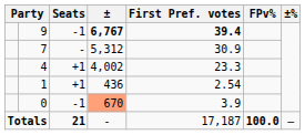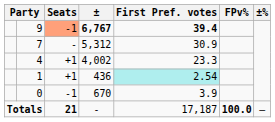 <table class=wikitable>
 <tr>
 <th colspan=2 align=center>Party</th>
 <th valign=top>Seats</th>
 <th valign=top>±</th>
 <th valign=top>First Pref. votes</th>
 <th valign=top>FPv%</th>
 <th valign=top>±%</th>
 </tr>
 <tr>
 <td></td>
 <td align=right>9</td>
-<td align=right>-1</td>
+<td align=right style="background: lightsalmon;">-1</td>
 <td align=right><strong>6,767</strong></td>
 <td align=right><strong>39.4</strong></td>
 <td align=right></td>
 </tr>
 <tr>
 <td></td>
 <td align=right>7</td>
 <td align=right>-</td>
 <td align=right>5,312</td>
 <td align=right>30.9</td>
 <td align=right></td>
 </tr>
 <tr>
 <td></td>
 <td align=right>4</td>
 <td align=right>+1</td>
 <td align=right>4,002</td>
 <td align=right>23.3</td>
 <td align=right></td>
 </tr>
 <tr>
 <td></td>
 <td align=right>1</td>
 <td align=right>+1</td>
 <td align=right>436</td>
-<td align=right>2.54</td>
+<td align=right style="background: paleturquoise;">2.54</td>
 <td align=right></td>
 </tr>
 <tr>
 <td></td>
 <td align=right>0</td>
 <td align=right>-1</td>
-<td align=right style="background: lightsalmon;">670</td>
+<td align=right>670</td>
 <td align=right>3.9</td>
 <td align=right></td>
 </tr>
 <tr>
 <td colspan=2 align=center><strong>Totals</strong></td>
 <td align=right><strong>21</strong></td>
 <td align=center>-</td>
 <td align=right>17,187</td>
 <td align=center><strong>100.0</strong></td>
 <td align=center>—</td>
 </tr>
 </table>
